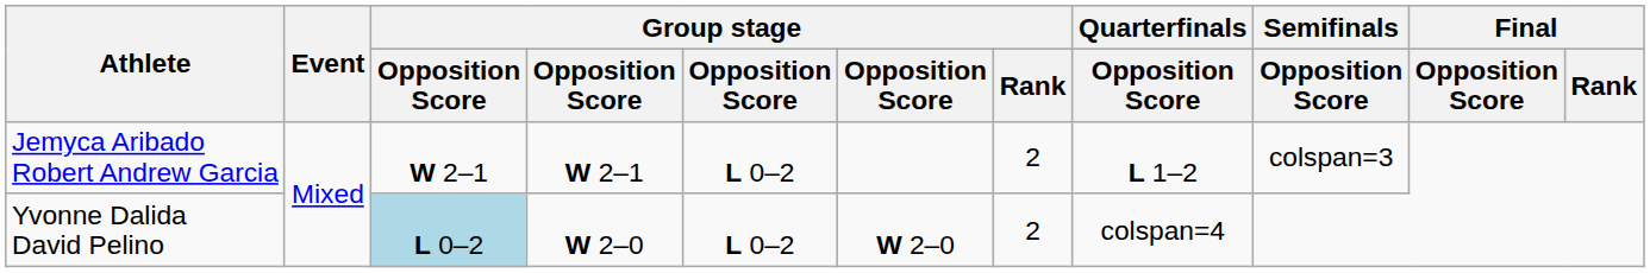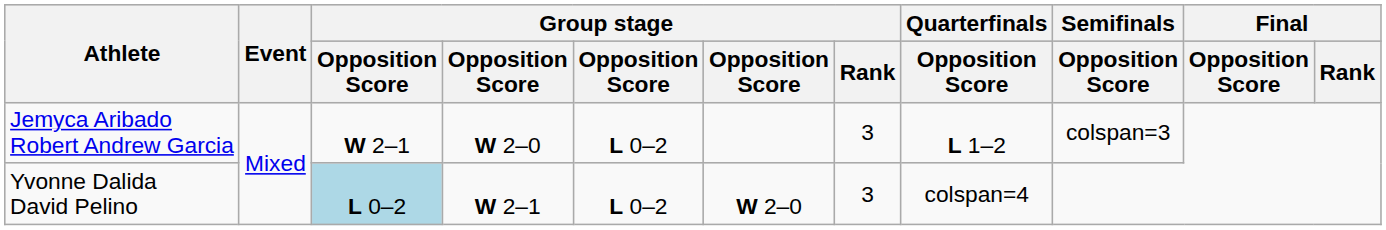 <table class=wikitable style="text-align:center; font-size:90%">
 <tr>
 <th rowspan=2>Athlete</th>
 <th rowspan=2>Event</th>
 <th colspan=5>Group stage</th>
 <th>Quarterfinals</th>
 <th>Semifinals</th>
 <th colspan=2>Final</th>
 </tr>
 <tr>
 <th>Opposition<br>Score</th>
 <th>Opposition<br>Score</th>
 <th>Opposition<br>Score</th>
 <th>Opposition<br>Score</th>
 <th>Rank</th>
 <th>Opposition<br>Score</th>
 <th>Opposition<br>Score</th>
 <th>Opposition<br>Score</th>
 <th>Rank</th>
 </tr>
 <tr>
 <td align=left><a href='#'>Jemyca Aribado</a><br><a href='#'>Robert Andrew Garcia</a></td>
 <td rowspan=2><a href='#'>Mixed</a></td>
 <td><br><strong>W</strong> 2–1</td>
-<td><br><strong>W</strong> 2–1</td>
+<td><br><strong>W</strong> 2–0</td>
 <td><br><strong>L</strong> 0–2</td>
 <td></td>
-<td>2 </td>
+<td>3 </td>
 <td><br><strong>L</strong> 1–2</td>
 <td>colspan=3 </td>
 </tr>
 <tr>
 <td align=left>Yvonne Dalida<br>David Pelino</td>
 <td style="background: lightblue;"><br><strong>L</strong> 0–2</td>
-<td><br><strong>W</strong> 2–0</td>
+<td><br><strong>W</strong> 2–1</td>
 <td><br><strong>L</strong> 0–2</td>
 <td><br><strong>W</strong> 2–0</td>
-<td>2</td>
+<td>3</td>
 <td>colspan=4 </td>
 </tr>
 </table>
